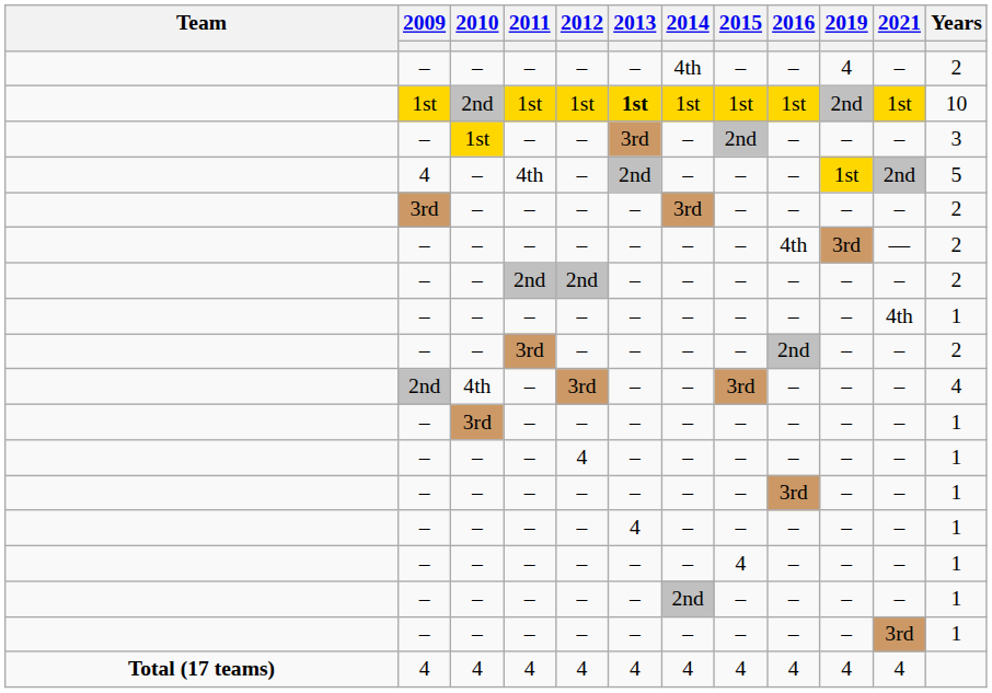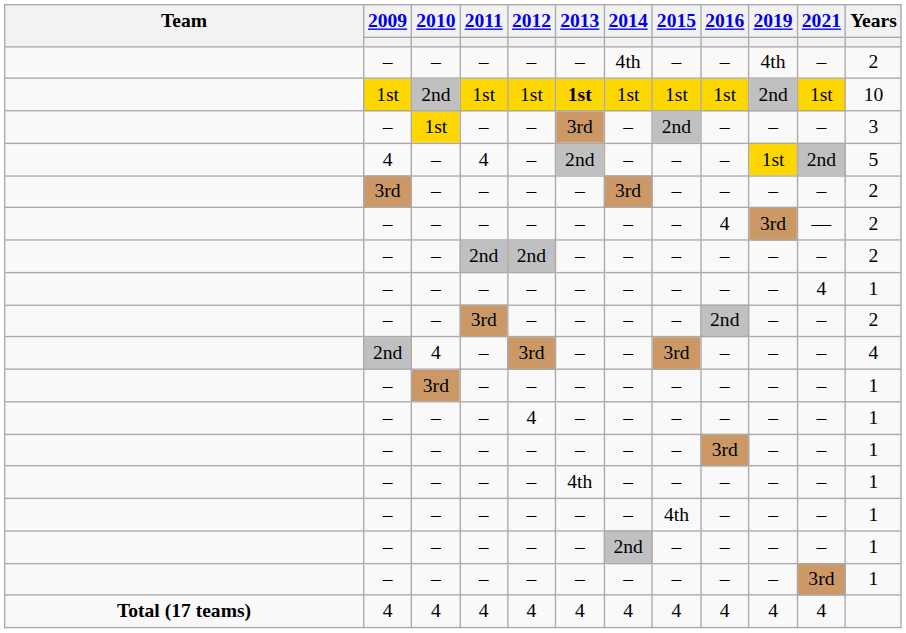 <table class="wikitable sortable" style="font-size:90%; text-align:center">
 <tr>
 <th rowspan=2 width="40%" style="vertical-align: top;">Team</th>
 <th><a href='#'>2009</a></th>
 <th><a href='#'>2010</a></th>
 <th><a href='#'>2011</a></th>
 <th><a href='#'>2012</a></th>
 <th><a href='#'>2013</a></th>
 <th><a href='#'>2014</a></th>
 <th><a href='#'>2015</a></th>
 <th><a href='#'>2016</a></th>
 <th><a href='#'>2019</a></th>
 <th><a href='#'>2021</a></th>
 <th>Years</th>
 </tr>
 <tr>
 <th></th>
 <th></th>
 <th></th>
 <th></th>
 <th></th>
 <th></th>
 <th></th>
 <th></th>
 <th></th>
 <th></th>
 <th></th>
 </tr>
 <tr>
 <td align=left></td>
 <td>–</td>
 <td>–</td>
 <td>–</td>
 <td>–</td>
 <td>–</td>
 <td>4th</td>
 <td>–</td>
 <td>–</td>
-<td>4</td>
+<td>4th</td>
 <td>–</td>
 <td>2</td>
 </tr>
 <tr>
 <td align=left></td>
 <td bgcolor=gold>1st</td>
 <td bgcolor=silver>2nd</td>
 <td bgcolor=gold>1st</td>
 <td bgcolor=gold>1st</td>
 <td bgcolor=gold><strong>1st</strong></td>
 <td bgcolor=gold>1st</td>
 <td bgcolor=gold>1st</td>
 <td bgcolor=gold>1st</td>
 <td bgcolor=silver>2nd</td>
 <td bgcolor=gold>1st</td>
 <td>10</td>
 </tr>
 <tr>
 <td align=left></td>
 <td>–</td>
 <td bgcolor=gold>1st</td>
 <td>–</td>
 <td>–</td>
 <td bgcolor=#cc9966>3rd</td>
 <td>–</td>
 <td bgcolor=silver>2nd</td>
 <td>–</td>
 <td>–</td>
 <td>–</td>
 <td>3</td>
 </tr>
 <tr>
 <td align=left></td>
 <td>4</td>
 <td>–</td>
-<td>4th</td>
+<td>4</td>
 <td>–</td>
 <td bgcolor=silver>2nd</td>
 <td>–</td>
 <td>–</td>
 <td>–</td>
 <td bgcolor=gold>1st</td>
 <td bgcolor=silver>2nd</td>
 <td>5</td>
 </tr>
 <tr>
 <td align=left></td>
 <td bgcolor=#cc9966>3rd</td>
 <td>–</td>
 <td>–</td>
 <td>–</td>
 <td>–</td>
 <td bgcolor=#cc9966>3rd</td>
 <td>–</td>
 <td>–</td>
 <td>–</td>
 <td>–</td>
 <td>2</td>
 </tr>
 <tr>
 <td align=left></td>
 <td>–</td>
 <td>–</td>
 <td>–</td>
 <td>–</td>
 <td>–</td>
 <td>–</td>
 <td>–</td>
-<td>4th</td>
+<td>4</td>
 <td bgcolor=#cc9966>3rd</td>
 <td>—</td>
 <td>2</td>
 </tr>
 <tr>
 <td align=left></td>
 <td>–</td>
 <td>–</td>
 <td bgcolor=silver>2nd</td>
 <td bgcolor=silver>2nd</td>
 <td>–</td>
 <td>–</td>
 <td>–</td>
 <td>–</td>
 <td>–</td>
 <td>–</td>
 <td>2</td>
 </tr>
 <tr>
 <td align=left></td>
 <td>–</td>
 <td>–</td>
 <td>–</td>
 <td>–</td>
 <td>–</td>
 <td>–</td>
 <td>–</td>
 <td>–</td>
 <td>–</td>
-<td>4th</td>
+<td>4</td>
 <td>1</td>
 </tr>
 <tr>
 <td align=left></td>
 <td>–</td>
 <td>–</td>
 <td bgcolor=#cc9966>3rd</td>
 <td>–</td>
 <td>–</td>
 <td>–</td>
 <td>–</td>
 <td bgcolor=silver>2nd</td>
 <td>–</td>
 <td>–</td>
 <td>2</td>
 </tr>
 <tr>
 <td align=left></td>
 <td bgcolor=silver>2nd</td>
-<td>4th</td>
+<td>4</td>
 <td>–</td>
 <td bgcolor=#cc9966>3rd</td>
 <td>–</td>
 <td>–</td>
 <td bgcolor=#cc9966>3rd</td>
 <td>–</td>
 <td>–</td>
 <td>–</td>
 <td>4</td>
 </tr>
 <tr>
 <td align=left></td>
 <td>–</td>
 <td bgcolor=#cc9966>3rd</td>
 <td>–</td>
 <td>–</td>
 <td>–</td>
 <td>–</td>
 <td>–</td>
 <td>–</td>
 <td>–</td>
 <td>–</td>
 <td>1</td>
 </tr>
 <tr>
 <td align=left></td>
 <td>–</td>
 <td>–</td>
 <td>–</td>
 <td>4</td>
 <td>–</td>
 <td>–</td>
 <td>–</td>
 <td>–</td>
 <td>–</td>
 <td>–</td>
 <td>1</td>
 </tr>
 <tr>
 <td align=left></td>
 <td>–</td>
 <td>–</td>
 <td>–</td>
 <td>–</td>
 <td>–</td>
 <td>–</td>
 <td>–</td>
 <td bgcolor=#cc9966>3rd</td>
 <td>–</td>
 <td>–</td>
 <td>1</td>
 </tr>
 <tr>
 <td align=left></td>
 <td>–</td>
 <td>–</td>
 <td>–</td>
 <td>–</td>
-<td>4</td>
+<td>4th</td>
 <td>–</td>
 <td>–</td>
 <td>–</td>
 <td>–</td>
 <td>–</td>
 <td>1</td>
 </tr>
 <tr>
 <td align=left></td>
 <td>–</td>
 <td>–</td>
 <td>–</td>
 <td>–</td>
 <td>–</td>
 <td>–</td>
-<td>4</td>
+<td>4th</td>
 <td>–</td>
 <td>–</td>
 <td>–</td>
 <td>1</td>
 </tr>
 <tr>
 <td align=left></td>
 <td>–</td>
 <td>–</td>
 <td>–</td>
 <td>–</td>
 <td>–</td>
 <td bgcolor=silver>2nd</td>
 <td>–</td>
 <td>–</td>
 <td>–</td>
 <td>–</td>
 <td>1</td>
 </tr>
 <tr>
 <td align=left></td>
 <td>–</td>
 <td>–</td>
 <td>–</td>
 <td>–</td>
 <td>–</td>
 <td>–</td>
 <td>–</td>
 <td>–</td>
 <td>–</td>
 <td bgcolor=#cc9966>3rd</td>
 <td>1</td>
 </tr>
 <tr>
 <td align=center><strong>Total (17 teams)</strong></td>
 <td>4</td>
 <td>4</td>
 <td>4</td>
 <td>4</td>
 <td>4</td>
 <td>4</td>
 <td>4</td>
 <td>4</td>
 <td>4</td>
 <td>4</td>
 </tr>
 </table>
